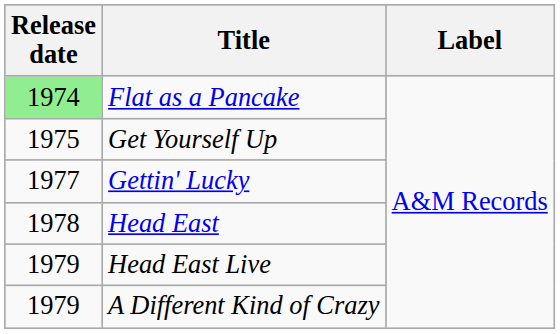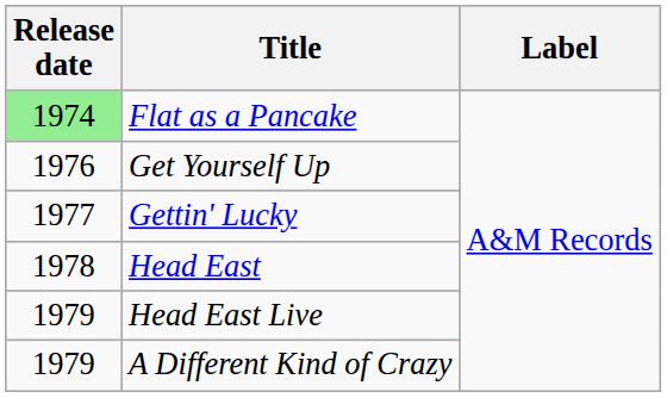 <table class="wikitable">
 <tr>
 <th>Release<br>date</th>
 <th>Title</th>
 <th>Label</th>
 </tr>
 <tr>
 <td align="center" style="background: lightgreen;">1974</td>
 <td><em><a href='#'>Flat as a Pancake</a></em></td>
 <td rowspan="6"><a href='#'>A&M Records</a></td>
 </tr>
 <tr>
-<td align="center">1975</td>
+<td align="center">1976</td>
 <td><em>Get Yourself Up</em></td>
 </tr>
 <tr>
 <td align="center">1977</td>
 <td><em><a href='#'>Gettin' Lucky</a></em></td>
 </tr>
 <tr>
 <td align="center">1978</td>
 <td><em><a href='#'>Head East</a></em></td>
 </tr>
 <tr>
 <td align="center">1979</td>
 <td><em>Head East Live</em></td>
 </tr>
 <tr>
 <td align="center">1979</td>
 <td><em>A Different Kind of Crazy</em></td>
 </tr>
 </table>
